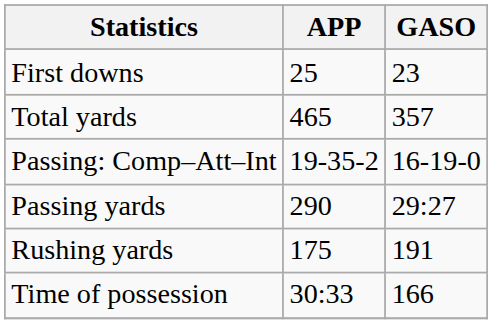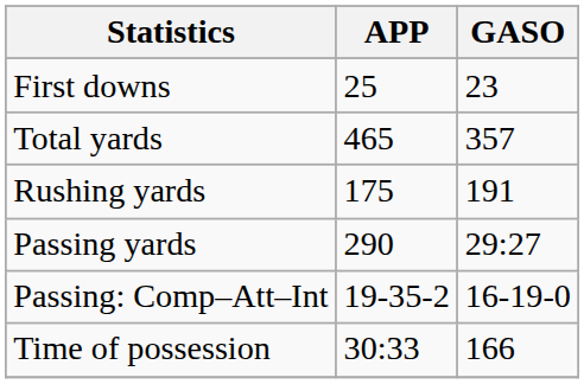 <table class="wikitable" style="float: left;">
 <tr>
 <th>Statistics</th>
 <th>APP</th>
 <th>GASO</th>
 </tr>
 <tr>
 <td>First downs</td>
 <td>25</td>
 <td>23</td>
 </tr>
 <tr>
 <td>Total yards</td>
 <td>465</td>
 <td>357</td>
 </tr>
 <tr>
-<td>Passing: Comp–Att–Int</td>
-<td>19-35-2</td>
-<td>16-19-0</td>
+<td>Rushing yards</td>
+<td>175</td>
+<td>191</td>
 </tr>
 <tr>
 <td>Passing yards</td>
 <td>290</td>
 <td>29:27</td>
 </tr>
 <tr>
-<td>Rushing yards</td>
-<td>175</td>
-<td>191</td>
+<td>Passing: Comp–Att–Int</td>
+<td>19-35-2</td>
+<td>16-19-0</td>
 </tr>
 <tr>
 <td>Time of possession</td>
 <td>30:33</td>
 <td>166</td>
 </tr>
 <tr>
 </tr>
 </table>
